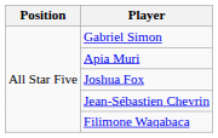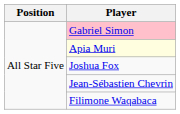 <table class="wikitable">
 <tr>
 <th>Position</th>
 <th>Player</th>
 </tr>
 <tr>
 <td rowspan=5>All Star Five</td>
-<td> <a href='#'>Gabriel Simon</a></td>
+<td style="background: pink;"> <a href='#'>Gabriel Simon</a></td>
 </tr>
 <tr>
-<td> <a href='#'>Apia Muri</a></td>
+<td style="background: lightyellow;"> <a href='#'>Apia Muri</a></td>
 </tr>
 <tr>
 <td> <a href='#'>Joshua Fox</a></td>
 </tr>
 <tr>
 <td> <a href='#'>Jean-Sébastien Chevrin</a></td>
 </tr>
 <tr>
 <td> <a href='#'>Filimone Waqabaca</a></td>
 </tr>
 </table>
